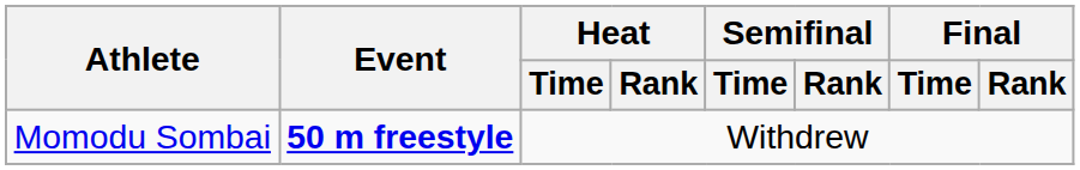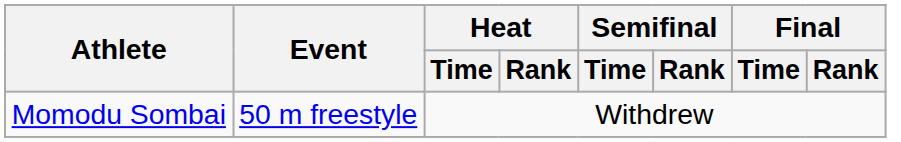 <table class=wikitable style="font-size:90%">
 <tr>
 <th rowspan=2>Athlete</th>
 <th rowspan=2>Event</th>
 <th colspan="2">Heat</th>
 <th colspan="2">Semifinal</th>
 <th colspan="2">Final</th>
 </tr>
 <tr style="font-size:95%">
 <th>Time</th>
 <th>Rank</th>
 <th>Time</th>
 <th>Rank</th>
 <th>Time</th>
 <th>Rank</th>
 </tr>
 <tr align=center>
 <td align=left><a href='#'>Momodu Sombai</a></td>
-<td align=left><strong><a href='#'>50 m freestyle</a></strong></td>
+<td align=left><a href='#'>50 m freestyle</a></td>
 <td colspan=6>Withdrew</td>
 </tr>
 </table>
